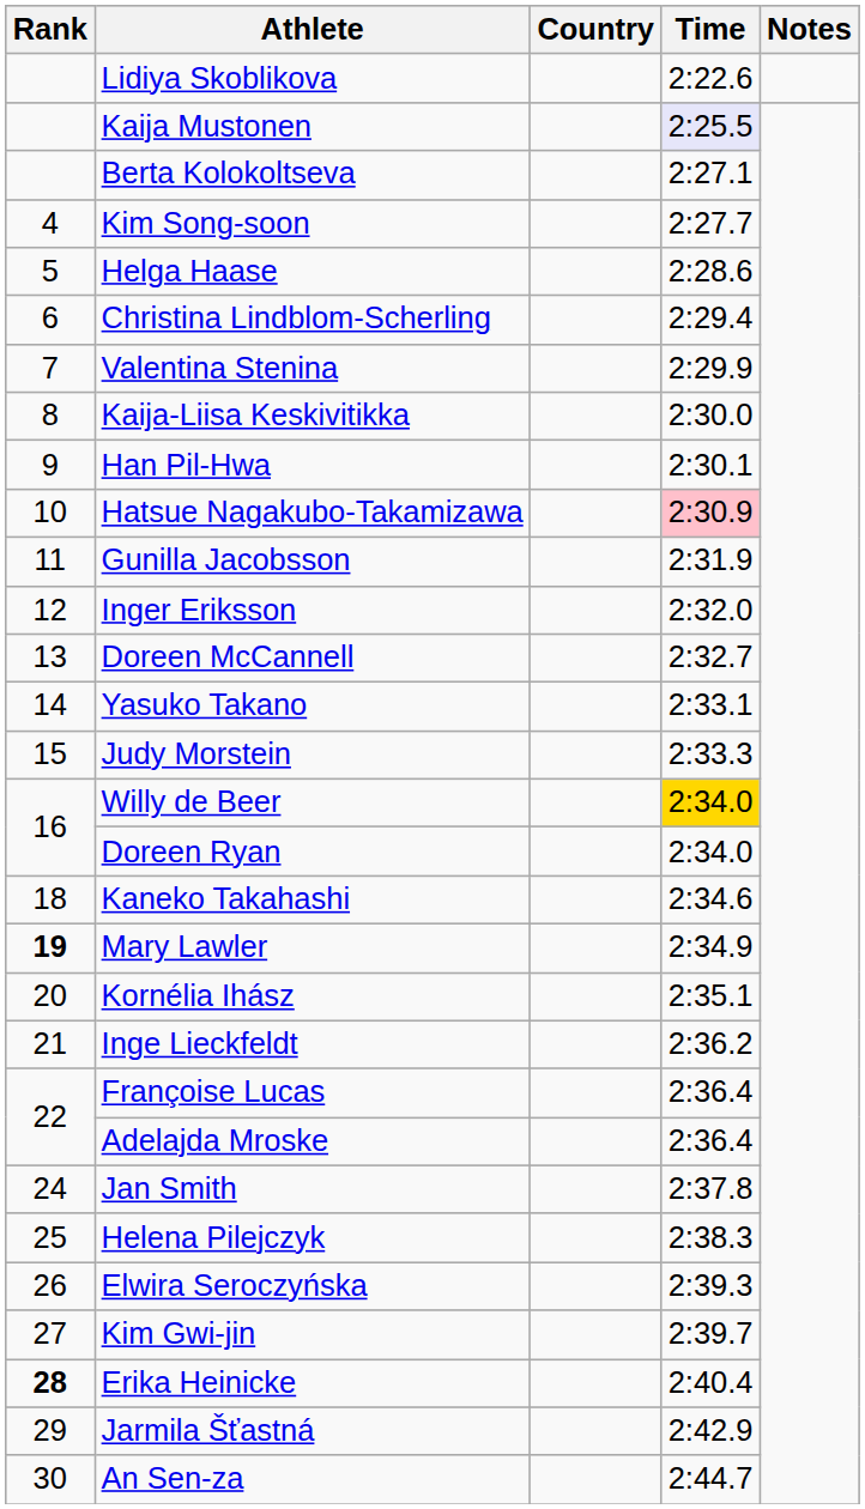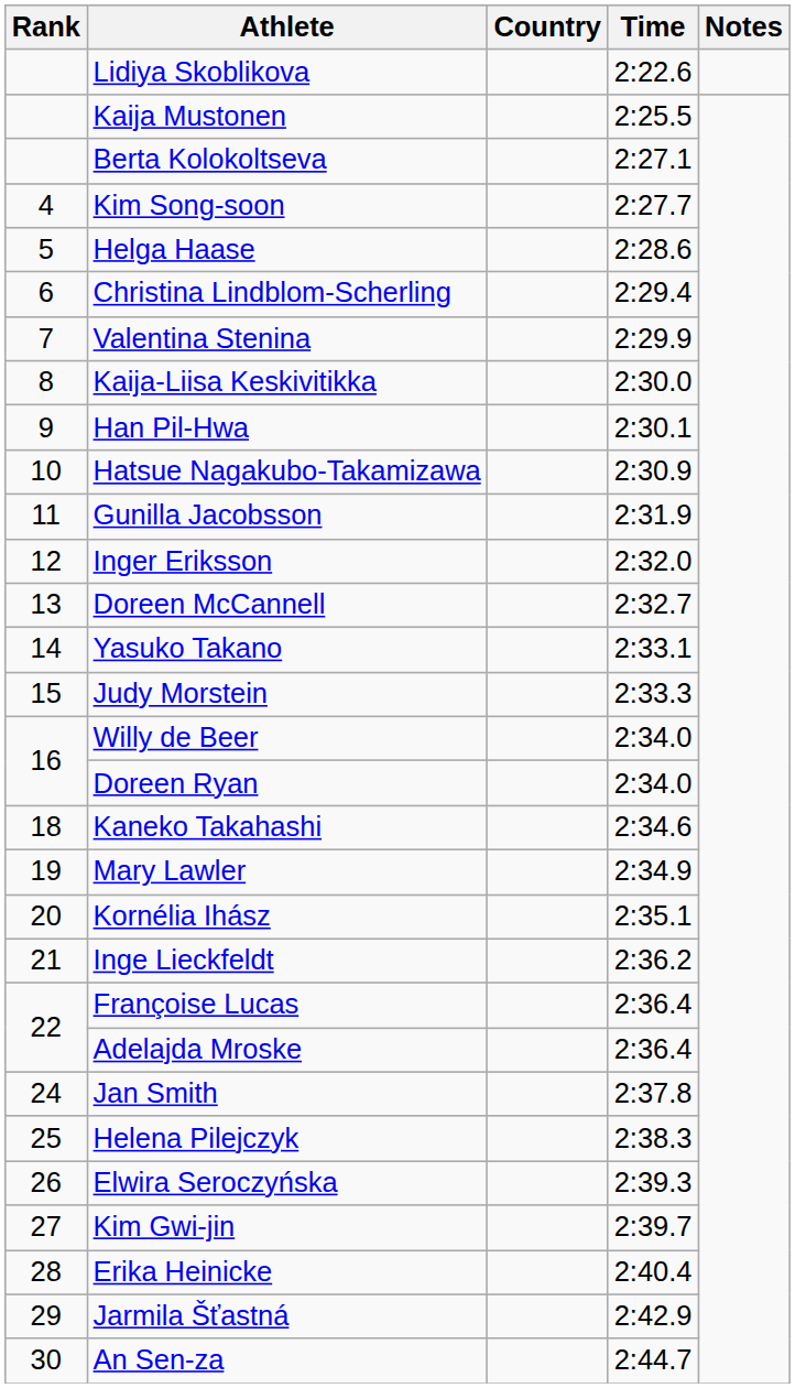 <table class="wikitable sortable" style="text-align:center">
 <tr>
 <th>Rank</th>
 <th>Athlete</th>
 <th>Country</th>
 <th>Time</th>
 <th>Notes</th>
 </tr>
 <tr>
 <td></td>
 <td align=left><a href='#'>Lidiya Skoblikova</a></td>
 <td align=left></td>
 <td>2:22.6</td>
 <td></td>
 </tr>
 <tr>
 <td></td>
 <td align=left><a href='#'>Kaija Mustonen</a></td>
 <td align=left></td>
-<td style="background: lavender;">2:25.5</td>
+<td>2:25.5</td>
 </tr>
 <tr>
 <td></td>
 <td align=left><a href='#'>Berta Kolokoltseva</a></td>
 <td align=left></td>
 <td>2:27.1</td>
 </tr>
 <tr>
 <td>4</td>
 <td align=left><a href='#'>Kim Song-soon</a></td>
 <td align=left></td>
 <td>2:27.7</td>
 </tr>
 <tr>
 <td>5</td>
 <td align=left><a href='#'>Helga Haase</a></td>
 <td align=left></td>
 <td>2:28.6</td>
 </tr>
 <tr>
 <td>6</td>
 <td align=left><a href='#'>Christina Lindblom-Scherling</a></td>
 <td align=left></td>
 <td>2:29.4</td>
 </tr>
 <tr>
 <td>7</td>
 <td align=left><a href='#'>Valentina Stenina</a></td>
 <td align=left></td>
 <td>2:29.9</td>
 </tr>
 <tr>
 <td>8</td>
 <td align=left><a href='#'>Kaija-Liisa Keskivitikka</a></td>
 <td align=left></td>
 <td>2:30.0</td>
 </tr>
 <tr>
 <td>9</td>
 <td align=left><a href='#'>Han Pil-Hwa</a></td>
 <td align=left></td>
 <td>2:30.1</td>
 </tr>
 <tr>
 <td>10</td>
 <td align=left><a href='#'>Hatsue Nagakubo-Takamizawa</a></td>
 <td align=left></td>
-<td style="background: pink;">2:30.9</td>
+<td>2:30.9</td>
 </tr>
 <tr>
 <td>11</td>
 <td align=left><a href='#'>Gunilla Jacobsson</a></td>
 <td align=left></td>
 <td>2:31.9</td>
 </tr>
 <tr>
 <td>12</td>
 <td align=left><a href='#'>Inger Eriksson</a></td>
 <td align=left></td>
 <td>2:32.0</td>
 </tr>
 <tr>
 <td>13</td>
 <td align=left><a href='#'>Doreen McCannell</a></td>
 <td align=left></td>
 <td>2:32.7</td>
 </tr>
 <tr>
 <td>14</td>
 <td align=left><a href='#'>Yasuko Takano</a></td>
 <td align=left></td>
 <td>2:33.1</td>
 </tr>
 <tr>
 <td>15</td>
 <td align=left><a href='#'>Judy Morstein</a></td>
 <td align=left></td>
 <td>2:33.3</td>
 </tr>
 <tr>
 <td rowspan=2>16</td>
 <td align=left><a href='#'>Willy de Beer</a></td>
 <td align=left></td>
-<td style="background: gold;">2:34.0</td>
+<td>2:34.0</td>
 </tr>
 <tr>
 <td align=left><a href='#'>Doreen Ryan</a></td>
 <td align=left></td>
 <td>2:34.0</td>
 </tr>
 <tr>
 <td>18</td>
 <td align=left><a href='#'>Kaneko Takahashi</a></td>
 <td align=left></td>
 <td>2:34.6</td>
 </tr>
 <tr>
-<td><strong>19</strong></td>
+<td>19</td>
 <td align=left><a href='#'>Mary Lawler</a></td>
 <td align=left></td>
 <td>2:34.9</td>
 </tr>
 <tr>
 <td>20</td>
 <td align=left><a href='#'>Kornélia Ihász</a></td>
 <td align=left></td>
 <td>2:35.1</td>
 </tr>
 <tr>
 <td>21</td>
 <td align=left><a href='#'>Inge Lieckfeldt</a></td>
 <td align=left></td>
 <td>2:36.2</td>
 </tr>
 <tr>
 <td rowspan=2>22</td>
 <td align=left><a href='#'>Françoise Lucas</a></td>
 <td align=left></td>
 <td>2:36.4</td>
 </tr>
 <tr>
 <td align=left><a href='#'>Adelajda Mroske</a></td>
 <td align=left></td>
 <td>2:36.4</td>
 </tr>
 <tr>
 <td>24</td>
 <td align=left><a href='#'>Jan Smith</a></td>
 <td align=left></td>
 <td>2:37.8</td>
 </tr>
 <tr>
 <td>25</td>
 <td align=left><a href='#'>Helena Pilejczyk</a></td>
 <td align=left></td>
 <td>2:38.3</td>
 </tr>
 <tr>
 <td>26</td>
 <td align=left><a href='#'>Elwira Seroczyńska</a></td>
 <td align=left></td>
 <td>2:39.3</td>
 </tr>
 <tr>
 <td>27</td>
 <td align=left><a href='#'>Kim Gwi-jin</a></td>
 <td align=left></td>
 <td>2:39.7</td>
 </tr>
 <tr>
-<td><strong>28</strong></td>
+<td>28</td>
 <td align=left><a href='#'>Erika Heinicke</a></td>
 <td align=left></td>
 <td>2:40.4</td>
 </tr>
 <tr>
 <td>29</td>
 <td align=left><a href='#'>Jarmila Šťastná</a></td>
 <td align=left></td>
 <td>2:42.9</td>
 </tr>
 <tr>
 <td>30</td>
 <td align=left><a href='#'>An Sen-za</a></td>
 <td align=left></td>
 <td>2:44.7</td>
 </tr>
 </table>
